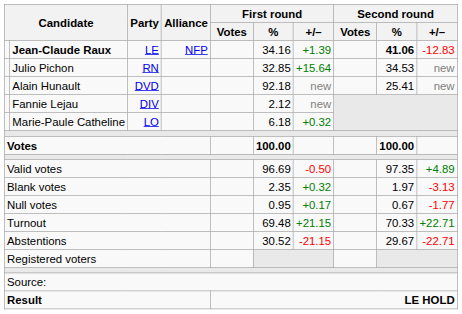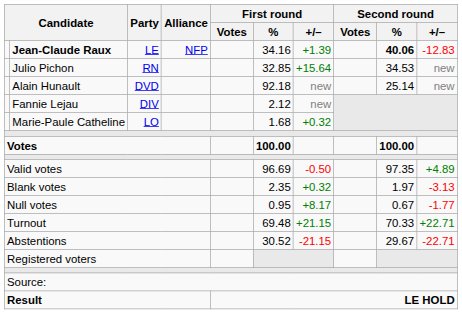 <table class="wikitable" style="text-align:right;font-size:95%;">
 <tr>
 <th rowspan="2" colspan="2">Candidate</th>
 <th colspan="1" rowspan="2">Party</th>
 <th colspan="1" rowspan="2">Alliance</th>
 <th colspan="3">First round</th>
 <th colspan="3">Second round</th>
 </tr>
 <tr>
 <th style="width:50px;">Votes</th>
 <th style="width:45px;">%</th>
 <th style="width:45px;">+/–</th>
 <th style="width:50px;">Votes</th>
 <th style="width:45px;">%</th>
 <th style="width:45px;">+/–</th>
 </tr>
 <tr>
 <td style="color:inherit;background:"></td>
 <td style="text-align:left;"><strong>Jean-Claude Raux</strong></td>
 <td><a href='#'>LE</a></td>
 <td><a href='#'>NFP</a></td>
 <td></td>
 <td>34.16</td>
 <td style="color:green;">+1.39</td>
 <td><strong></strong></td>
-<td><strong>41.06</strong></td>
+<td><strong>40.06</strong></td>
 <td style="color:red;">-12.83</td>
 </tr>
 <tr>
 <td style="color:inherit;background:"></td>
 <td style="text-align:left;">Julio Pichon</td>
 <td><a href='#'>RN</a></td>
 <td></td>
 <td></td>
 <td>32.85</td>
 <td style="color:green;">+15.64</td>
 <td></td>
 <td>34.53</td>
 <td style="color:grey;">new</td>
 </tr>
 <tr>
 <td style="color:inherit;background:"></td>
 <td style="text-align:left;">Alain Hunault</td>
 <td><a href='#'>DVD</a></td>
 <td></td>
 <td></td>
 <td>92.18</td>
 <td style="color:grey;">new</td>
 <td></td>
-<td>25.41</td>
+<td>25.14</td>
 <td style="color:grey;">new</td>
 </tr>
 <tr>
 <td style="color:inherit;background:"></td>
 <td style="text-align:left;">Fannie Lejau</td>
 <td><a href='#'>DIV</a></td>
 <td></td>
 <td></td>
 <td>2.12</td>
 <td style="color:grey;">new</td>
 <td colspan="3" rowspan="2" style="background:#E9E9E9;"></td>
 </tr>
 <tr>
 <td style="color:inherit;background:"></td>
 <td style="text-align:left;">Marie-Paule Catheline</td>
 <td><a href='#'>LO</a></td>
 <td></td>
 <td></td>
-<td>6.18</td>
+<td>1.68</td>
 <td style="color:green;">+0.32</td>
 </tr>
 <tr>
 <td colspan="10" style="background:#E9E9E9;"></td>
 </tr>
 <tr style="font-weight:bold;">
 <td colspan="4" style="text-align:left;">Votes</td>
 <td></td>
 <td>100.00</td>
 <td></td>
 <td></td>
 <td>100.00</td>
 <td></td>
 </tr>
 <tr>
 <td colspan="10" style="background:#E9E9E9;"></td>
 </tr>
 <tr>
 <td colspan="4" style="text-align:left;">Valid votes</td>
 <td></td>
 <td>96.69</td>
 <td style="color:red;">-0.50</td>
 <td></td>
 <td>97.35</td>
 <td style="color:green;">+4.89</td>
 </tr>
 <tr>
 <td colspan="4" style="text-align:left;">Blank votes</td>
 <td></td>
 <td>2.35</td>
 <td style="color:green;">+0.32</td>
 <td></td>
 <td>1.97</td>
 <td style="color:red;">-3.13</td>
 </tr>
 <tr>
 <td colspan="4" style="text-align:left;">Null votes</td>
 <td></td>
 <td>0.95</td>
-<td style="color:green;">+0.17</td>
+<td style="color:green;">+8.17</td>
 <td></td>
 <td>0.67</td>
 <td style="color:red;">-1.77</td>
 </tr>
 <tr>
 <td colspan="4" style="text-align:left;">Turnout</td>
 <td></td>
 <td>69.48</td>
 <td style="color:green;">+21.15</td>
 <td></td>
 <td>70.33</td>
 <td style="color:green;">+22.71</td>
 </tr>
 <tr>
 <td colspan="4" style="text-align:left;">Abstentions</td>
 <td></td>
 <td>30.52</td>
 <td style="color:red;">-21.15</td>
 <td></td>
 <td>29.67</td>
 <td style="color:red;">-22.71</td>
 </tr>
 <tr>
 <td colspan="4" style="text-align:left;">Registered voters</td>
 <td></td>
 <td colspan="2" style="background:#E9E9E9;"></td>
 <td></td>
 <td colspan="2" style="background:#E9E9E9;"></td>
 </tr>
 <tr>
 <td colspan="10" style="background:#E9E9E9;"></td>
 </tr>
 <tr>
 <td colspan="10" style="text-align:left;">Source: </td>
 </tr>
 <tr style="font-weight:bold">
 <td colspan="4" style="text-align:left;">Result</td>
 <td colspan="6" style="background-color:">LE HOLD</td>
 </tr>
 </table>
